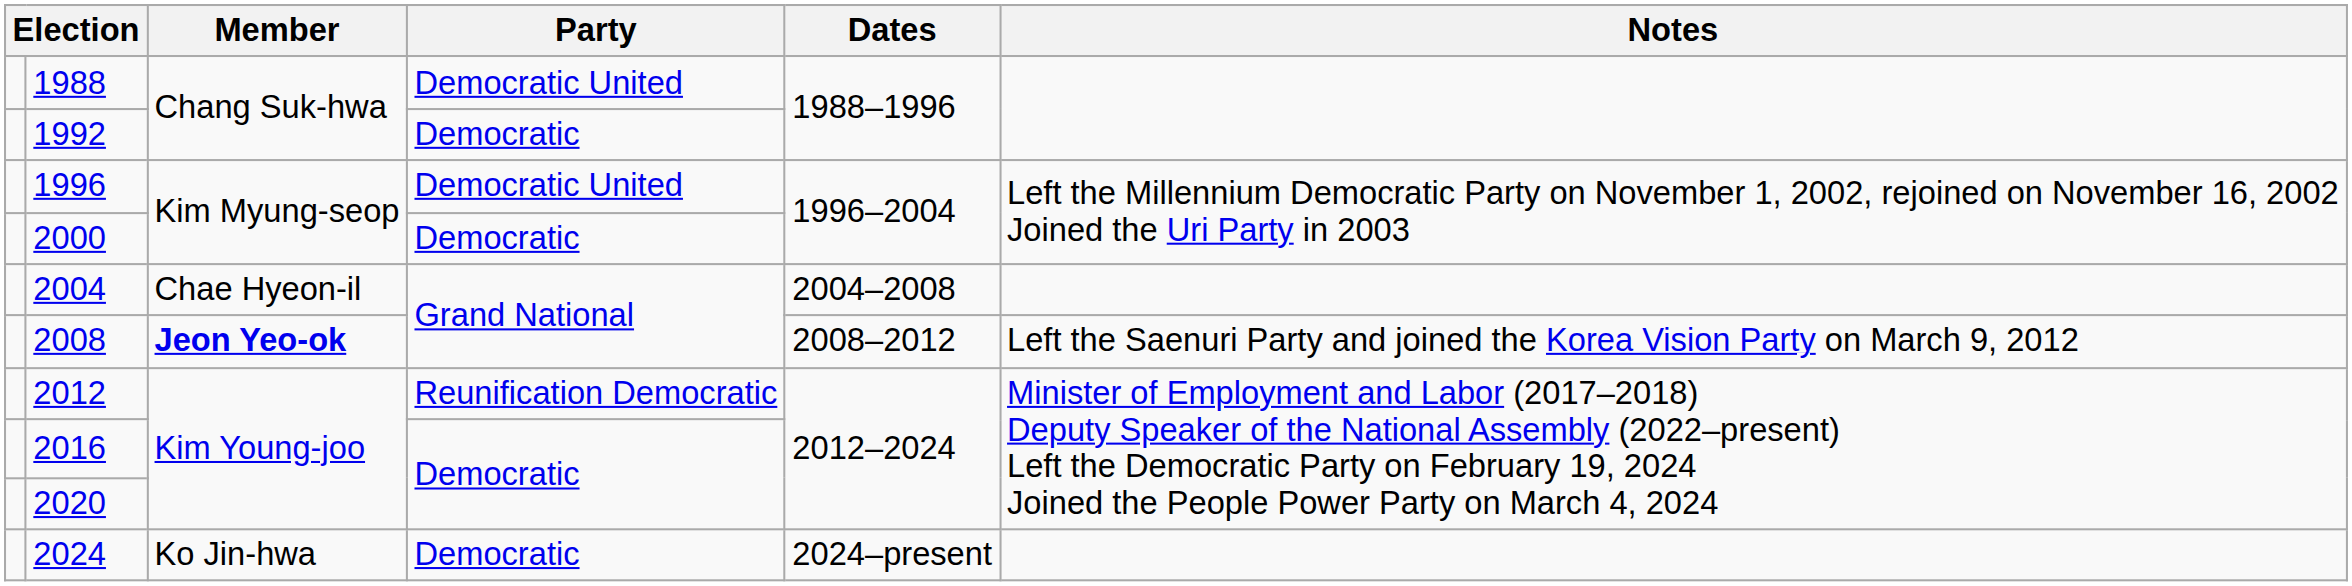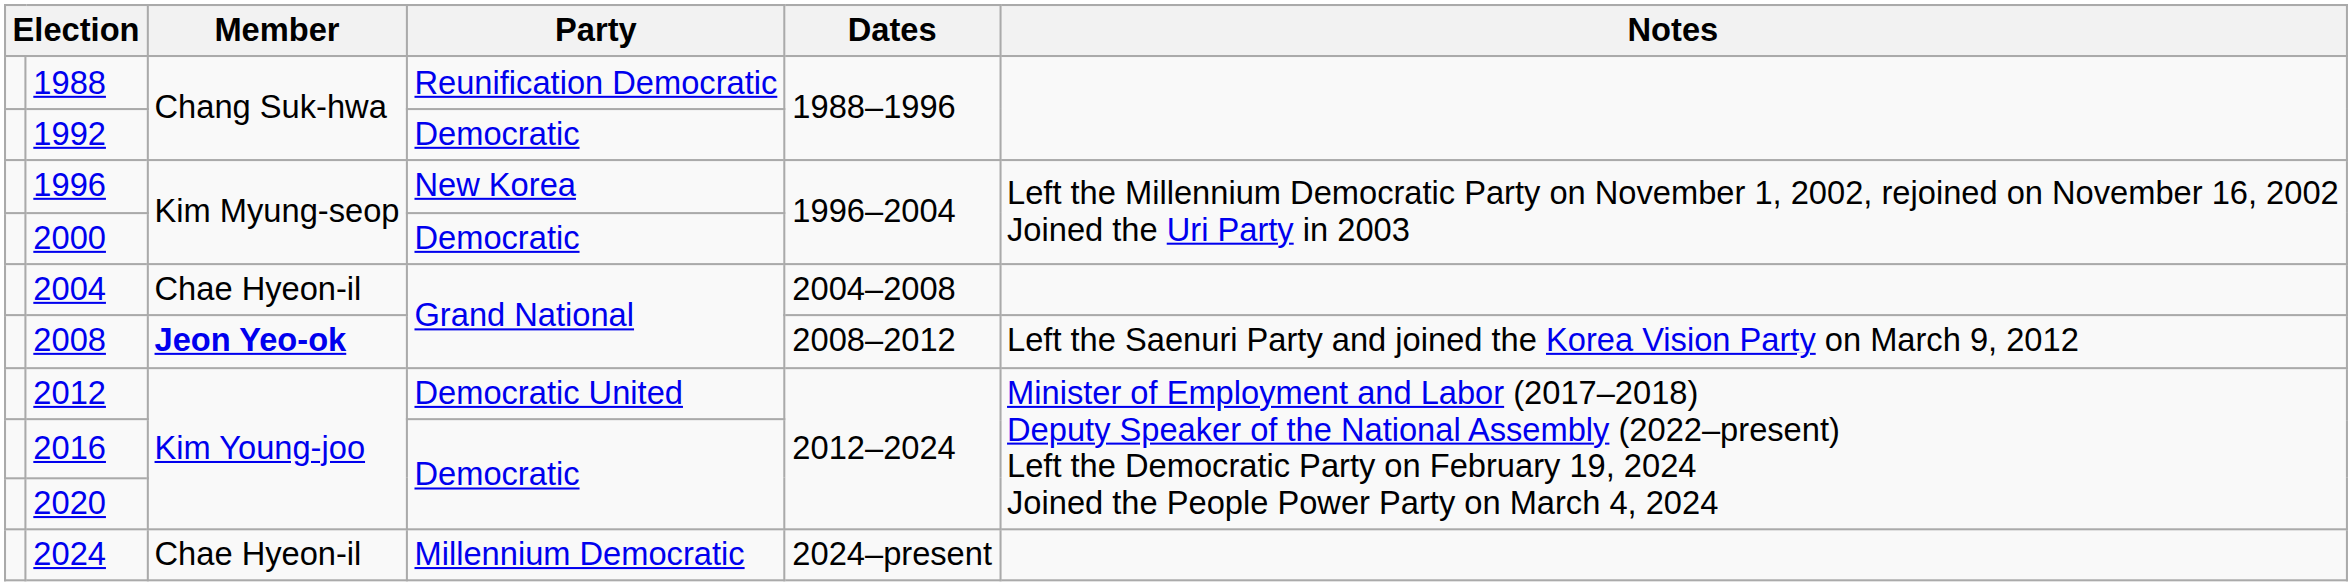 <table class="wikitable">
 <tr>
 <th colspan="2">Election</th>
 <th>Member</th>
 <th>Party</th>
 <th>Dates</th>
 <th>Notes</th>
 </tr>
 <tr>
 <td></td>
 <td><a href='#'>1988</a></td>
 <td rowspan="2">Chang Suk-hwa</td>
-<td><a href='#'>Democratic United</a></td>
+<td><a href='#'>Reunification Democratic</a></td>
 <td rowspan="2">1988–1996</td>
 <td rowspan="2"></td>
 </tr>
 <tr>
 <td></td>
 <td><a href='#'>1992</a></td>
 <td><a href='#'>Democratic</a></td>
 </tr>
 <tr>
 <td></td>
 <td><a href='#'>1996</a></td>
 <td rowspan="2">Kim Myung-seop</td>
-<td><a href='#'>Democratic United</a></td>
+<td><a href='#'>New Korea</a></td>
 <td rowspan="2">1996–2004</td>
 <td rowspan="2">Left the Millennium Democratic Party on November 1, 2002, rejoined on November 16, 2002<br>Joined the <a href='#'>Uri Party</a> in 2003</td>
 </tr>
 <tr>
 <td></td>
 <td><a href='#'>2000</a></td>
 <td><a href='#'>Democratic</a></td>
 </tr>
 <tr>
 <td></td>
 <td><a href='#'>2004</a></td>
 <td>Chae Hyeon-il</td>
 <td rowspan="2"><a href='#'>Grand National</a></td>
 <td>2004–2008</td>
 <td></td>
 </tr>
 <tr>
 <td></td>
 <td><a href='#'>2008</a></td>
 <td><strong><a href='#'>Jeon Yeo-ok</a></strong></td>
 <td>2008–2012</td>
 <td>Left the Saenuri Party and joined the <a href='#'>Korea Vision Party</a> on March 9, 2012</td>
 </tr>
 <tr>
 <td></td>
 <td><a href='#'>2012</a></td>
 <td rowspan="3"><a href='#'>Kim Young-joo</a></td>
-<td><a href='#'>Reunification Democratic</a></td>
+<td><a href='#'>Democratic United</a></td>
 <td rowspan="3">2012–2024</td>
 <td rowspan="3"><a href='#'>Minister of Employment and Labor</a> (2017–2018)<br><a href='#'>Deputy Speaker of the National Assembly</a> (2022–present)<br>Left the Democratic Party on February 19, 2024<br>Joined the People Power Party on March 4, 2024</td>
 </tr>
 <tr>
 <td></td>
 <td><a href='#'>2016</a></td>
 <td rowspan="2"><a href='#'>Democratic</a></td>
 </tr>
 <tr>
 <td></td>
 <td><a href='#'>2020</a></td>
 </tr>
 <tr>
 <td></td>
 <td><a href='#'>2024</a></td>
-<td>Ko Jin-hwa</td>
-<td><a href='#'>Democratic</a></td>
+<td>Chae Hyeon-il</td>
+<td><a href='#'>Millennium Democratic</a></td>
 <td>2024–present</td>
 <td></td>
 </tr>
 </table>
